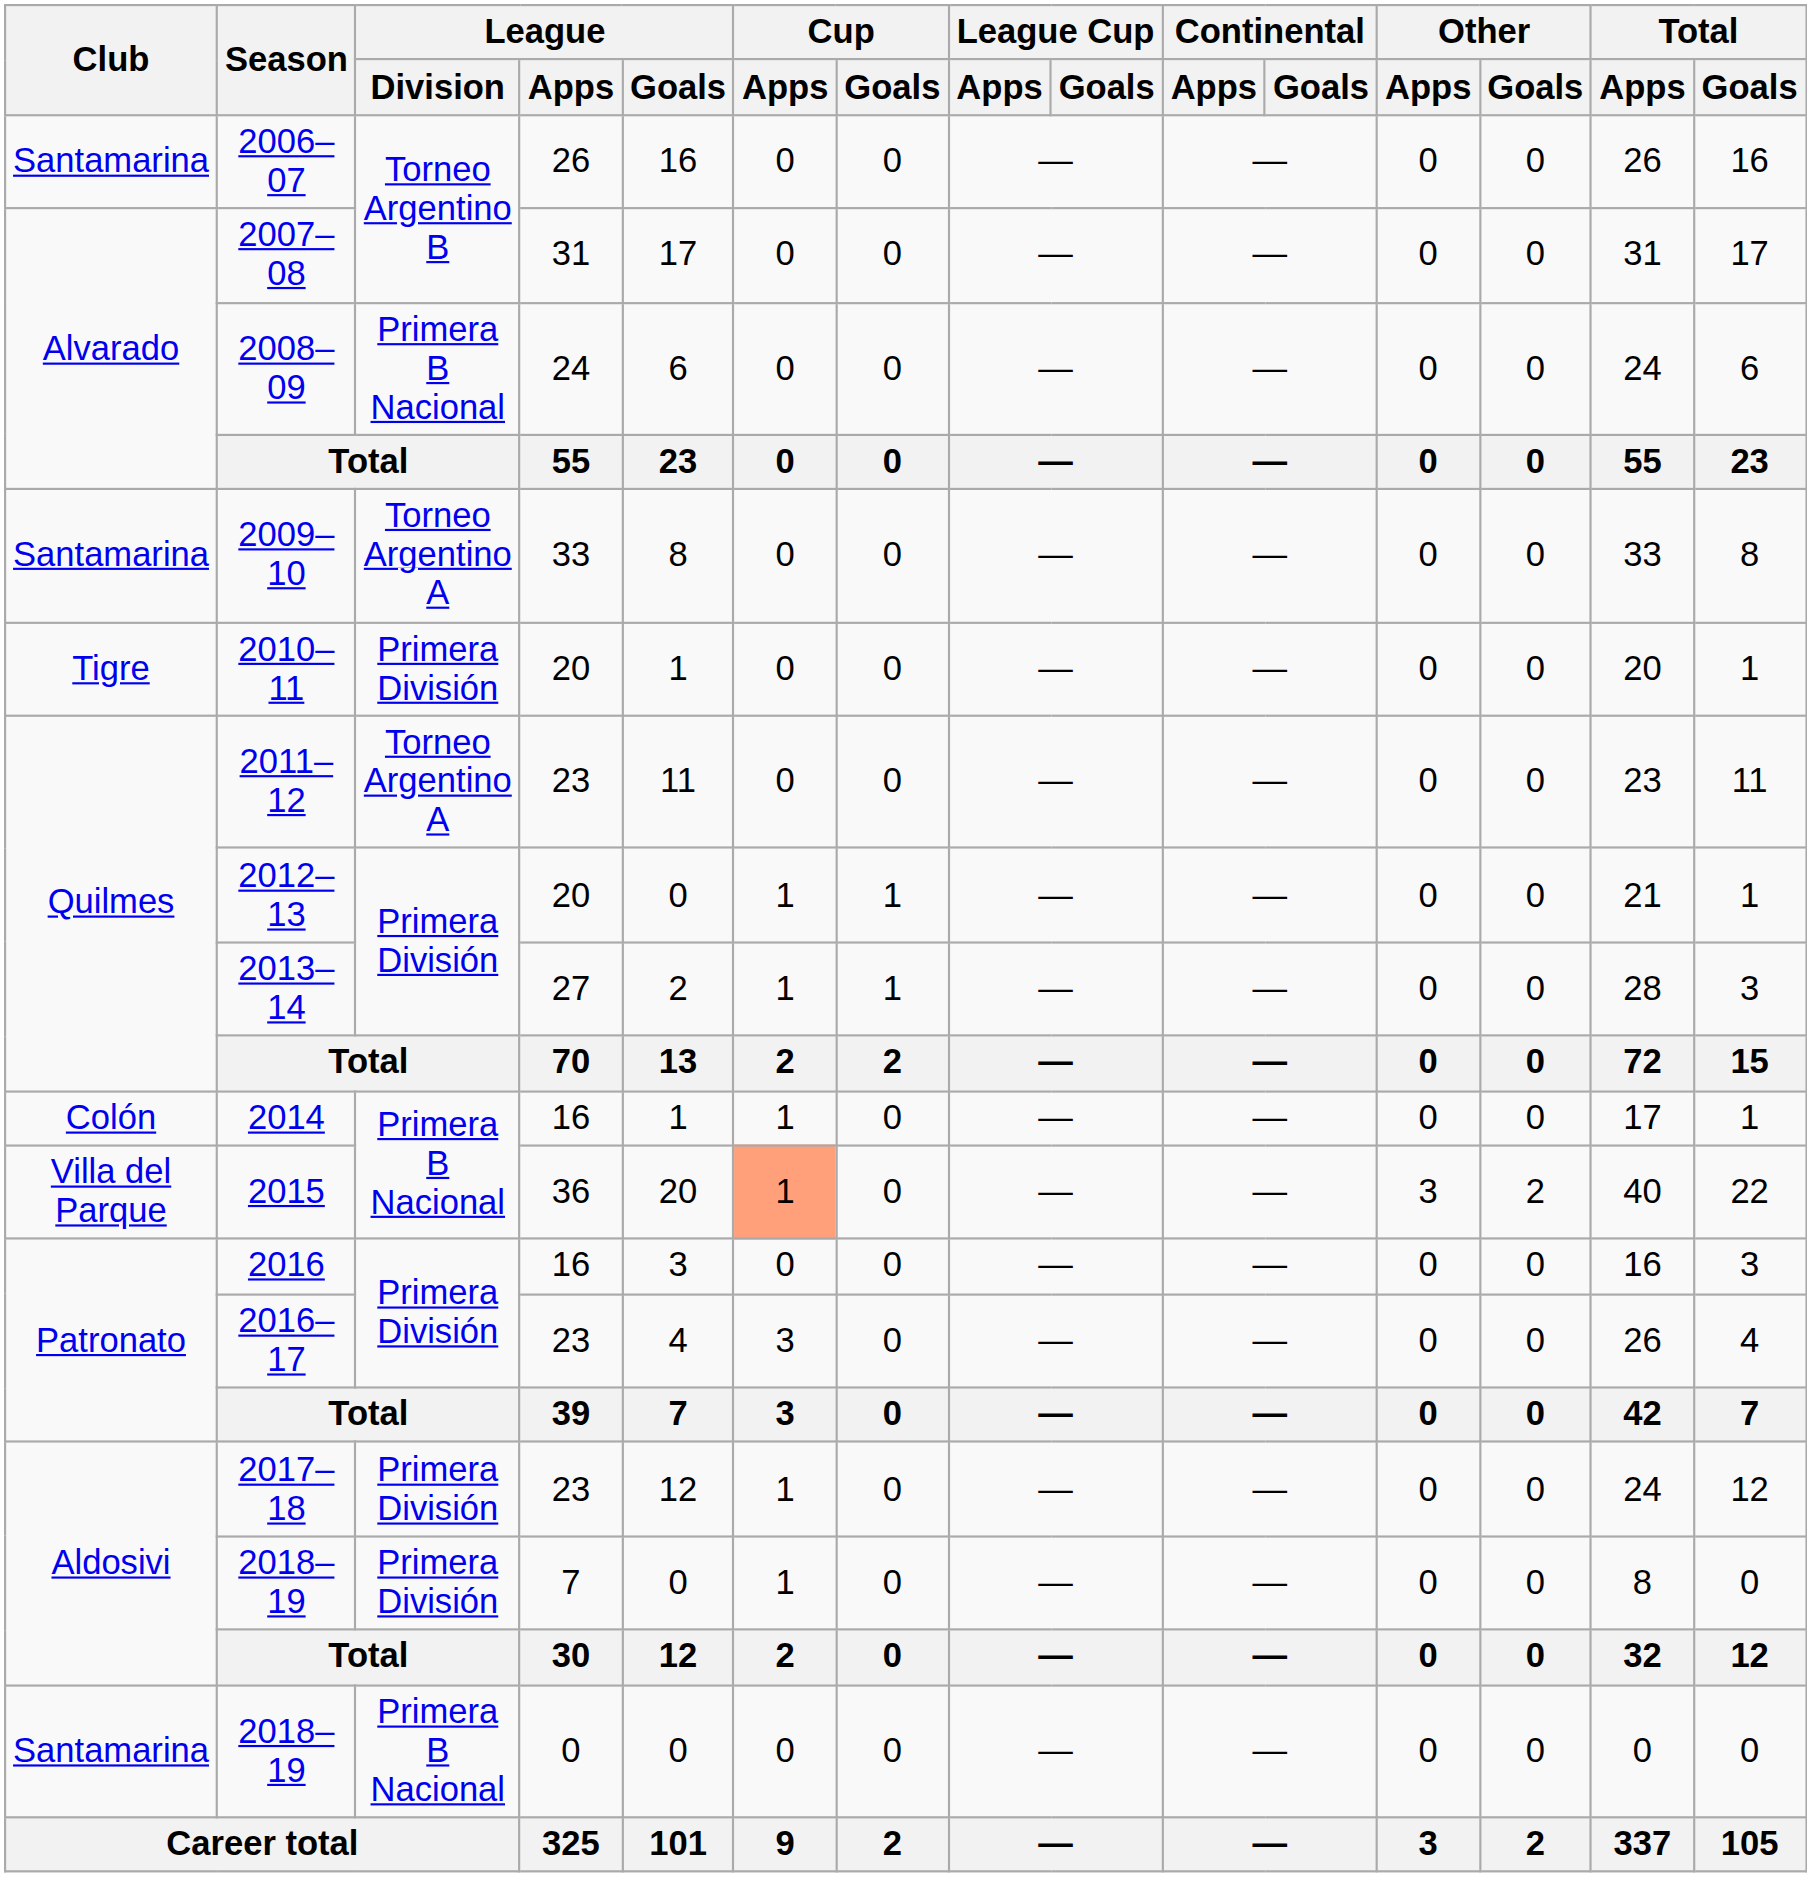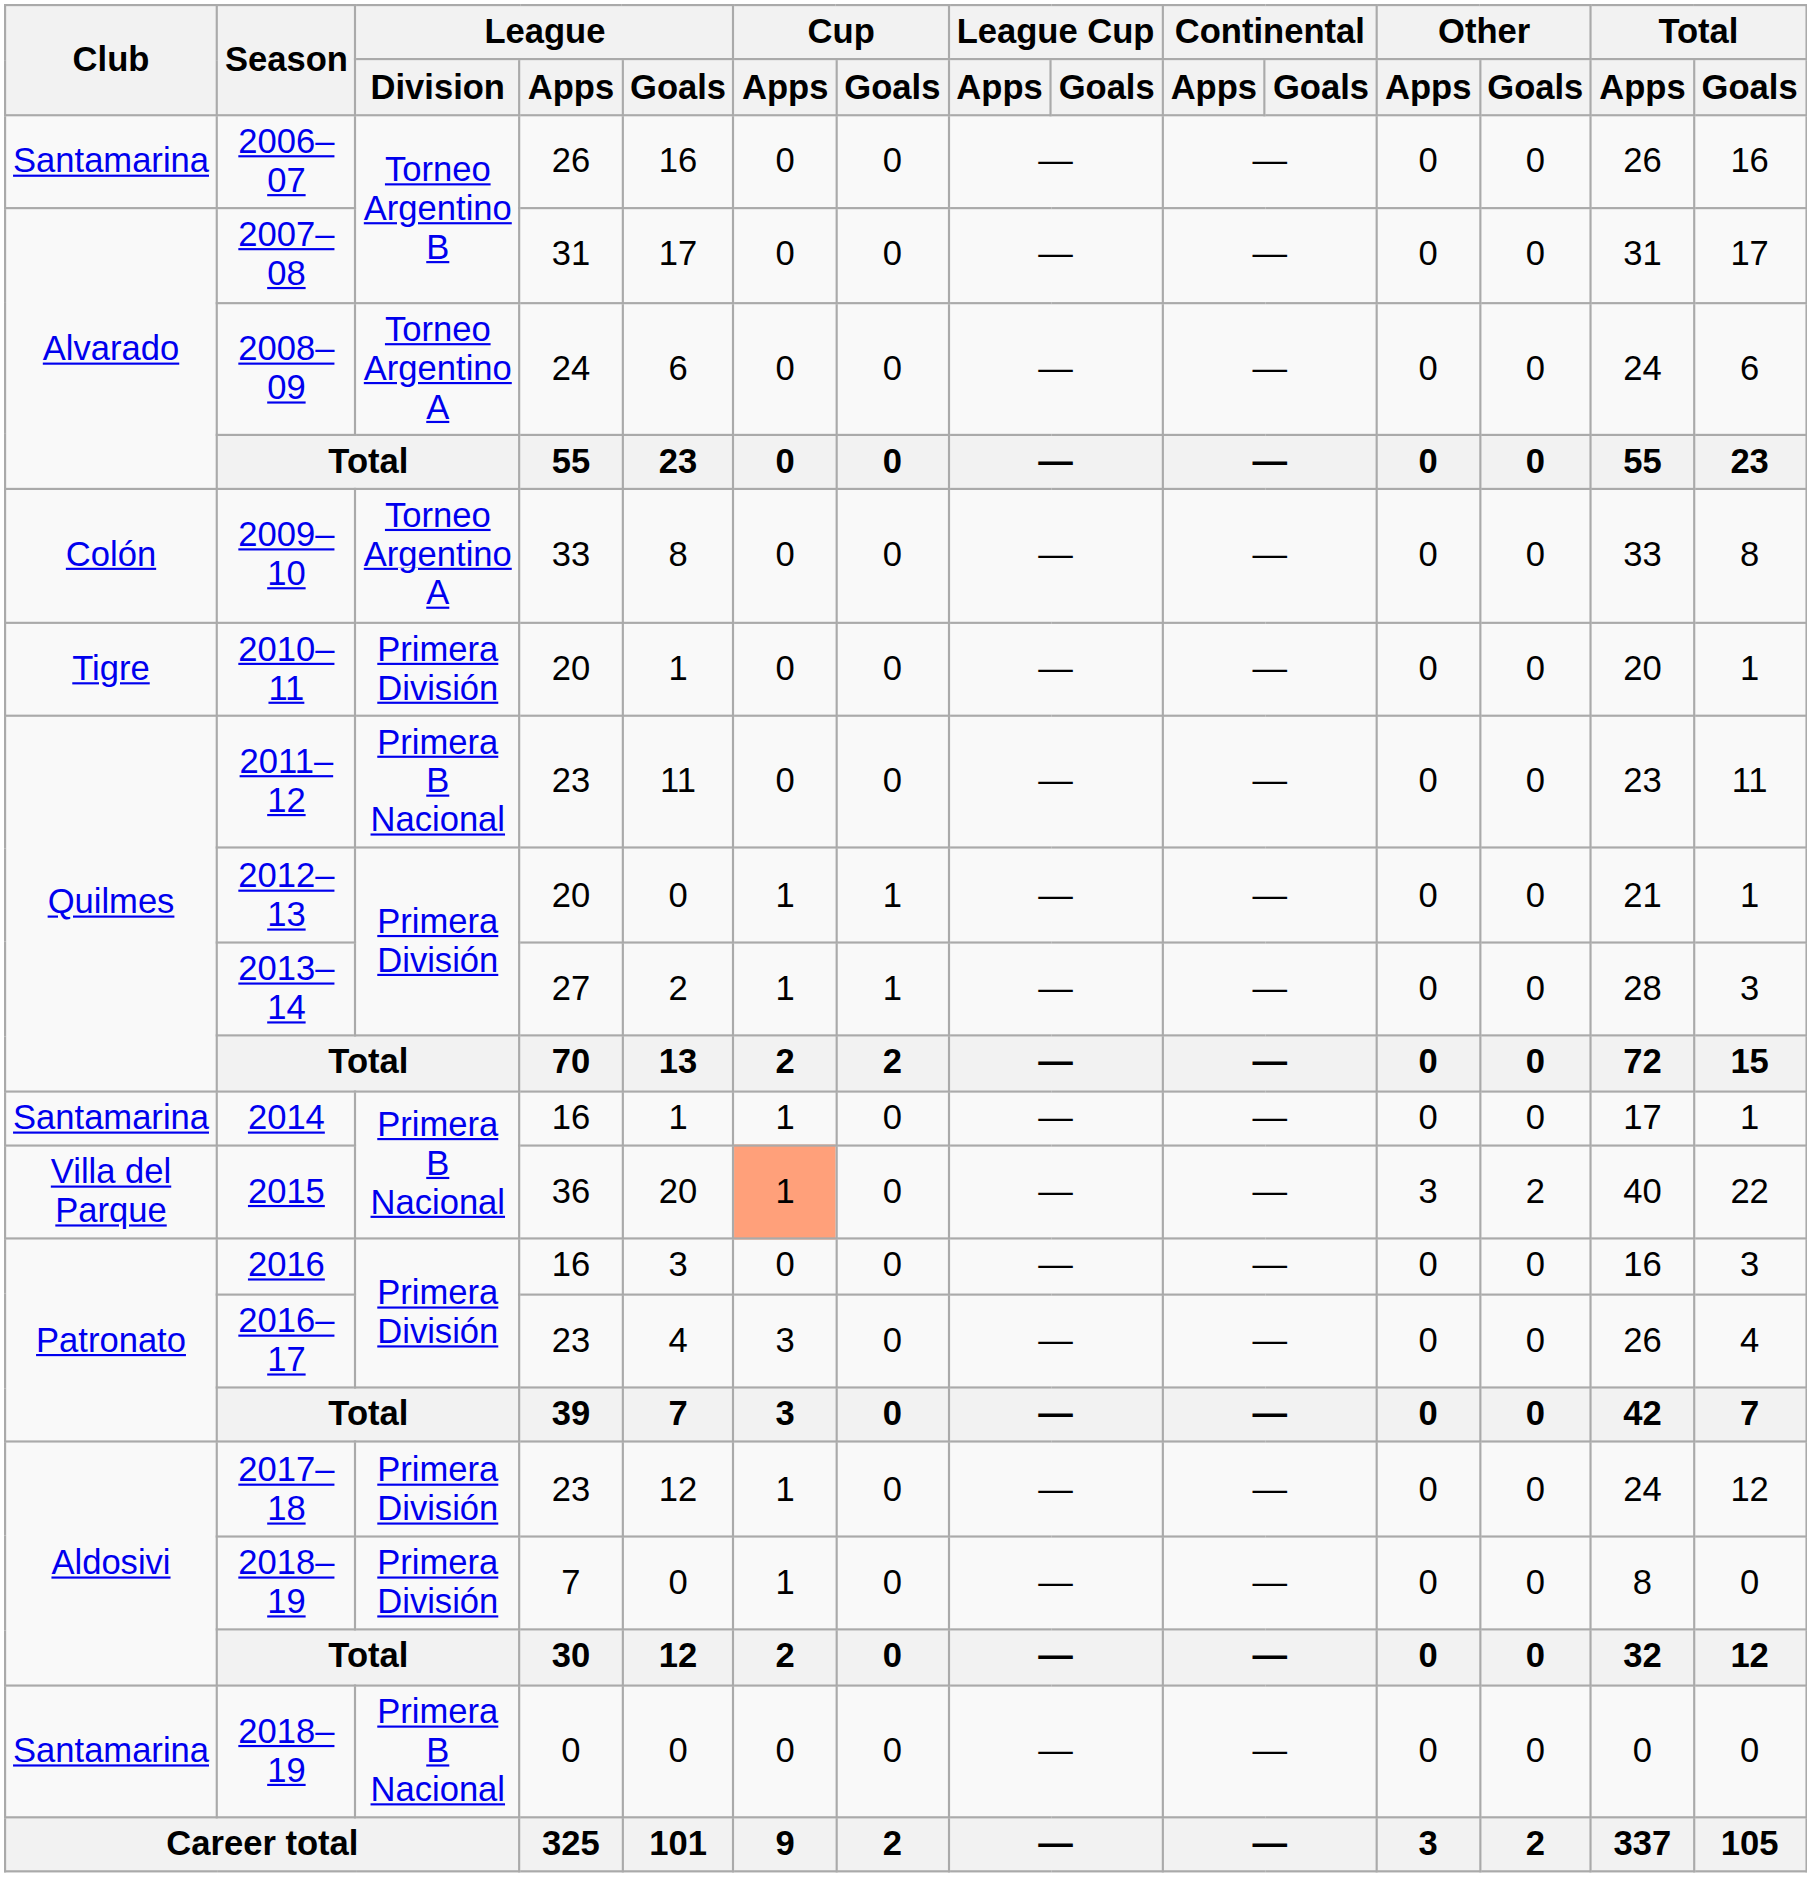 <table class="wikitable" style="text-align:center">
 <tr>
 <th rowspan="2">Club</th>
 <th rowspan="2">Season</th>
 <th colspan="3">League</th>
 <th colspan="2">Cup</th>
 <th colspan="2">League Cup</th>
 <th colspan="2">Continental</th>
 <th colspan="2">Other</th>
 <th colspan="2">Total</th>
 </tr>
 <tr>
 <th>Division</th>
 <th>Apps</th>
 <th>Goals</th>
 <th>Apps</th>
 <th>Goals</th>
 <th>Apps</th>
 <th>Goals</th>
 <th>Apps</th>
 <th>Goals</th>
 <th>Apps</th>
 <th>Goals</th>
 <th>Apps</th>
 <th>Goals</th>
 </tr>
 <tr>
 <td rowspan="1"><a href='#'>Santamarina</a></td>
 <td><a href='#'>2006–07</a></td>
 <td rowspan="2"><a href='#'>Torneo Argentino B</a></td>
 <td>26</td>
 <td>16</td>
 <td>0</td>
 <td>0</td>
 <td colspan="2">—</td>
 <td colspan="2">—</td>
 <td>0</td>
 <td>0</td>
 <td>26</td>
 <td>16</td>
 </tr>
 <tr>
 <td rowspan="3"><a href='#'>Alvarado</a></td>
 <td><a href='#'>2007–08</a></td>
 <td>31</td>
 <td>17</td>
 <td>0</td>
 <td>0</td>
 <td colspan="2">—</td>
 <td colspan="2">—</td>
 <td>0</td>
 <td>0</td>
 <td>31</td>
 <td>17</td>
 </tr>
 <tr>
 <td><a href='#'>2008–09</a></td>
-<td rowspan="1"><a href='#'>Primera B Nacional</a></td>
+<td rowspan="1"><a href='#'>Torneo Argentino A</a></td>
 <td>24</td>
 <td>6</td>
 <td>0</td>
 <td>0</td>
 <td colspan="2">—</td>
 <td colspan="2">—</td>
 <td>0</td>
 <td>0</td>
 <td>24</td>
 <td>6</td>
 </tr>
 <tr>
 <th colspan="2">Total</th>
 <th>55</th>
 <th>23</th>
 <th>0</th>
 <th>0</th>
 <th colspan="2">—</th>
 <th colspan="2">—</th>
 <th>0</th>
 <th>0</th>
 <th>55</th>
 <th>23</th>
 </tr>
 <tr>
-<td rowspan="1"><a href='#'>Santamarina</a></td>
+<td rowspan="1"><a href='#'>Colón</a></td>
 <td><a href='#'>2009–10</a></td>
 <td rowspan="1"><a href='#'>Torneo Argentino A</a></td>
 <td>33</td>
 <td>8</td>
 <td>0</td>
 <td>0</td>
 <td colspan="2">—</td>
 <td colspan="2">—</td>
 <td>0</td>
 <td>0</td>
 <td>33</td>
 <td>8</td>
 </tr>
 <tr>
 <td rowspan="1"><a href='#'>Tigre</a></td>
 <td><a href='#'>2010–11</a></td>
 <td rowspan="1"><a href='#'>Primera División</a></td>
 <td>20</td>
 <td>1</td>
 <td>0</td>
 <td>0</td>
 <td colspan="2">—</td>
 <td colspan="2">—</td>
 <td>0</td>
 <td>0</td>
 <td>20</td>
 <td>1</td>
 </tr>
 <tr>
 <td rowspan="4"><a href='#'>Quilmes</a></td>
 <td><a href='#'>2011–12</a></td>
-<td rowspan="1"><a href='#'>Torneo Argentino A</a></td>
+<td rowspan="1"><a href='#'>Primera B Nacional</a></td>
 <td>23</td>
 <td>11</td>
 <td>0</td>
 <td>0</td>
 <td colspan="2">—</td>
 <td colspan="2">—</td>
 <td>0</td>
 <td>0</td>
 <td>23</td>
 <td>11</td>
 </tr>
 <tr>
 <td><a href='#'>2012–13</a></td>
 <td rowspan="2"><a href='#'>Primera División</a></td>
 <td>20</td>
 <td>0</td>
 <td>1</td>
 <td>1</td>
 <td colspan="2">—</td>
 <td colspan="2">—</td>
 <td>0</td>
 <td>0</td>
 <td>21</td>
 <td>1</td>
 </tr>
 <tr>
 <td><a href='#'>2013–14</a></td>
 <td>27</td>
 <td>2</td>
 <td>1</td>
 <td>1</td>
 <td colspan="2">—</td>
 <td colspan="2">—</td>
 <td>0</td>
 <td>0</td>
 <td>28</td>
 <td>3</td>
 </tr>
 <tr>
 <th colspan="2">Total</th>
 <th>70</th>
 <th>13</th>
 <th>2</th>
 <th>2</th>
 <th colspan="2">—</th>
 <th colspan="2">—</th>
 <th>0</th>
 <th>0</th>
 <th>72</th>
 <th>15</th>
 </tr>
 <tr>
-<td rowspan="1"><a href='#'>Colón</a></td>
+<td rowspan="1"><a href='#'>Santamarina</a></td>
 <td><a href='#'>2014</a></td>
 <td rowspan="2"><a href='#'>Primera B Nacional</a></td>
 <td>16</td>
 <td>1</td>
 <td>1</td>
 <td>0</td>
 <td colspan="2">—</td>
 <td colspan="2">—</td>
 <td>0</td>
 <td>0</td>
 <td>17</td>
 <td>1</td>
 </tr>
 <tr>
 <td rowspan="1"><a href='#'>Villa del Parque</a></td>
 <td><a href='#'>2015</a></td>
 <td>36</td>
 <td>20</td>
 <td style="background: lightsalmon;">1</td>
 <td>0</td>
 <td colspan="2">—</td>
 <td colspan="2">—</td>
 <td>3</td>
 <td>2</td>
 <td>40</td>
 <td>22</td>
 </tr>
 <tr>
 <td rowspan="3"><a href='#'>Patronato</a></td>
 <td><a href='#'>2016</a></td>
 <td rowspan="2"><a href='#'>Primera División</a></td>
 <td>16</td>
 <td>3</td>
 <td>0</td>
 <td>0</td>
 <td colspan="2">—</td>
 <td colspan="2">—</td>
 <td>0</td>
 <td>0</td>
 <td>16</td>
 <td>3</td>
 </tr>
 <tr>
 <td><a href='#'>2016–17</a></td>
 <td>23</td>
 <td>4</td>
 <td>3</td>
 <td>0</td>
 <td colspan="2">—</td>
 <td colspan="2">—</td>
 <td>0</td>
 <td>0</td>
 <td>26</td>
 <td>4</td>
 </tr>
 <tr>
 <th colspan="2">Total</th>
 <th>39</th>
 <th>7</th>
 <th>3</th>
 <th>0</th>
 <th colspan="2">—</th>
 <th colspan="2">—</th>
 <th>0</th>
 <th>0</th>
 <th>42</th>
 <th>7</th>
 </tr>
 <tr>
 <td rowspan="3"><a href='#'>Aldosivi</a></td>
 <td><a href='#'>2017–18</a></td>
 <td rowspan="1"><a href='#'>Primera División</a></td>
 <td>23</td>
 <td>12</td>
 <td>1</td>
 <td>0</td>
 <td colspan="2">—</td>
 <td colspan="2">—</td>
 <td>0</td>
 <td>0</td>
 <td>24</td>
 <td>12</td>
 </tr>
 <tr>
 <td><a href='#'>2018–19</a></td>
 <td rowspan="1"><a href='#'>Primera División</a></td>
 <td>7</td>
 <td>0</td>
 <td>1</td>
 <td>0</td>
 <td colspan="2">—</td>
 <td colspan="2">—</td>
 <td>0</td>
 <td>0</td>
 <td>8</td>
 <td>0</td>
 </tr>
 <tr>
 <th colspan="2">Total</th>
 <th>30</th>
 <th>12</th>
 <th>2</th>
 <th>0</th>
 <th colspan="2">—</th>
 <th colspan="2">—</th>
 <th>0</th>
 <th>0</th>
 <th>32</th>
 <th>12</th>
 </tr>
 <tr>
 <td rowspan="1"><a href='#'>Santamarina</a></td>
 <td><a href='#'>2018–19</a></td>
 <td rowspan="1"><a href='#'>Primera B Nacional</a></td>
 <td>0</td>
 <td>0</td>
 <td>0</td>
 <td>0</td>
 <td colspan="2">—</td>
 <td colspan="2">—</td>
 <td>0</td>
 <td>0</td>
 <td>0</td>
 <td>0</td>
 </tr>
 <tr>
 <th colspan="3">Career total</th>
 <th>325</th>
 <th>101</th>
 <th>9</th>
 <th>2</th>
 <th colspan="2">—</th>
 <th colspan="2">—</th>
 <th>3</th>
 <th>2</th>
 <th>337</th>
 <th>105</th>
 </tr>
 </table>
